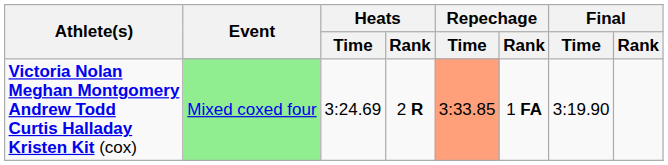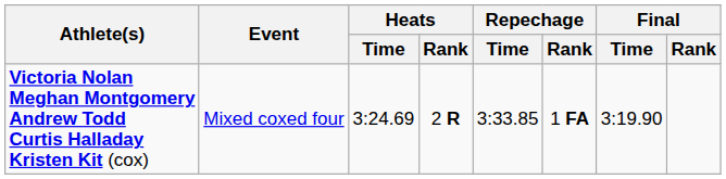 <table class="wikitable" style="font-size:90%">
 <tr>
 <th rowspan="2">Athlete(s)</th>
 <th rowspan="2">Event</th>
 <th colspan="2">Heats</th>
 <th colspan="2">Repechage</th>
 <th colspan="2">Final</th>
 </tr>
 <tr>
 <th>Time</th>
 <th>Rank</th>
 <th>Time</th>
 <th>Rank</th>
 <th>Time</th>
 <th>Rank</th>
 </tr>
 <tr>
 <td><strong><a href='#'>Victoria Nolan</a><br> <a href='#'>Meghan Montgomery</a><br> <a href='#'>Andrew Todd</a><br> <a href='#'>Curtis Halladay</a> <br> <a href='#'>Kristen Kit</a></strong> (cox)</td>
-<td style="background: lightgreen;"><a href='#'>Mixed coxed four</a></td>
+<td><a href='#'>Mixed coxed four</a></td>
 <td align="center">3:24.69</td>
 <td align="center">2 <strong>R</strong></td>
-<td align="center" style="background: lightsalmon;">3:33.85</td>
+<td align="center">3:33.85</td>
 <td align="center">1 <strong>FA</strong></td>
 <td align="center">3:19.90</td>
 <td align="center"></td>
 </tr>
 </table>
